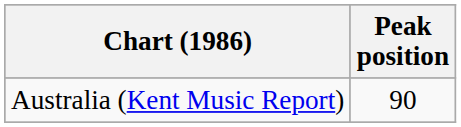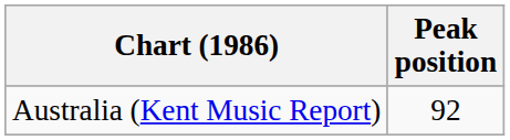 <table class="wikitable">
 <tr>
 <th scope="col">Chart (1986)</th>
 <th>Peak<br>position</th>
 </tr>
 <tr>
 <td>Australia (<a href='#'>Kent Music Report</a>)</td>
-<td align="center">90</td>
+<td align="center">92</td>
 </tr>
 </table>
